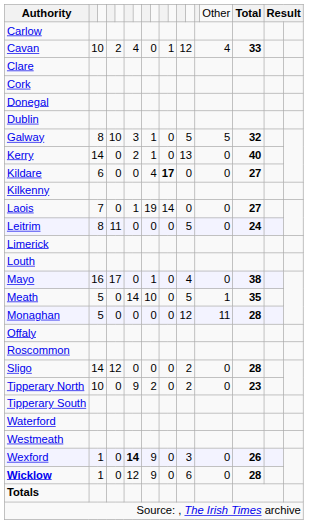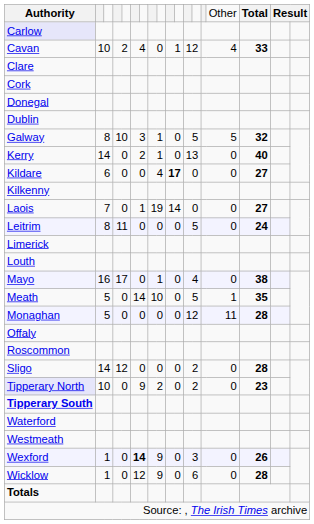 <table class="wikitable" style="text-align:right; padding-left:1em">
 <tr>
 <th align="left">Authority</th>
 <th style="background-color: "></th>
 <td><a href='#'></a></td>
 <th style="background-color: "></th>
 <td><a href='#'></a></td>
 <th style="background-color: "></th>
 <td><a href='#'></a></td>
 <th style="background-color: "></th>
 <td><a href='#'></a></td>
 <th style="background-color: "></th>
 <td><a href='#'></a></td>
 <th style="background-color: "></th>
 <td><a href='#'></a></td>
 <th style="background-color: "></th>
 <td>Other</td>
 <th align="left">Total</th>
 <th colspan=2>Result</th>
 </tr>
 <tr>
-<td align=left><a href='#'>Carlow</a></td>
+<td align=left style="background: lavender;"><a href='#'>Carlow</a></td>
 <td colspan=2></td>
 <td colspan=2></td>
 <td colspan=2></td>
 <td colspan=2></td>
 <td colspan=2></td>
 <td colspan=2></td>
 <td colspan=2></td>
 <td></td>
 <td></td>
 <td></td>
 </tr>
 <tr>
 <td align=left><a href='#'>Cavan</a></td>
 <td colspan=2>10</td>
 <td colspan=2>2</td>
 <td colspan=2>4</td>
 <td colspan=2>0</td>
 <td colspan=2>1</td>
 <td colspan=2>12</td>
 <td colspan=2>4</td>
 <td><strong>33</strong></td>
 <td></td>
 </tr>
 <tr>
 <td align=left><a href='#'>Clare</a></td>
 <td colspan=2></td>
 <td colspan=2></td>
 <td colspan=2></td>
 <td colspan=2></td>
 <td colspan=2></td>
 <td colspan=2></td>
 <td colspan=2></td>
 <td></td>
 <td></td>
 <td></td>
 </tr>
 <tr>
 <td align=left><a href='#'>Cork</a></td>
 <td colspan=2></td>
 <td colspan=2></td>
 <td colspan=2></td>
 <td colspan=2></td>
 <td colspan=2></td>
 <td colspan=2></td>
 <td colspan=2></td>
 <td></td>
 <td></td>
 <td></td>
 </tr>
 <tr>
 <td align=left><a href='#'>Donegal</a></td>
 <td colspan=2></td>
 <td colspan=2></td>
 <td colspan=2></td>
 <td colspan=2></td>
 <td colspan=2></td>
 <td colspan=2></td>
 <td colspan=2></td>
 <td></td>
 <td></td>
 <td></td>
 </tr>
 <tr>
 <td align=left><a href='#'>Dublin</a></td>
 <td colspan=2></td>
 <td colspan=2></td>
 <td colspan=2></td>
 <td colspan=2></td>
 <td colspan=2></td>
 <td colspan=2></td>
 <td colspan=2></td>
 <td></td>
 <td></td>
 <td></td>
 </tr>
 <tr>
 <td align=left><a href='#'>Galway</a></td>
 <td colspan=2>8</td>
 <td colspan=2>10</td>
 <td colspan=2>3</td>
 <td colspan=2>1</td>
 <td colspan=2>0</td>
 <td colspan=2>5</td>
 <td colspan=2>5</td>
 <td><strong>32</strong></td>
 <td></td>
 </tr>
 <tr>
 <td align=left><a href='#'>Kerry</a></td>
 <td colspan=2>14</td>
 <td colspan=2>0</td>
 <td colspan=2>2</td>
 <td colspan=2>1</td>
 <td colspan=2>0</td>
 <td colspan=2>13</td>
 <td colspan=2>0</td>
 <td><strong>40</strong></td>
 <td></td>
 </tr>
 <tr>
 <td align=left><a href='#'>Kildare</a></td>
 <td colspan=2>6</td>
 <td colspan=2>0</td>
 <td colspan=2>0</td>
 <td colspan=2>4</td>
 <td colspan=2><strong>17</strong></td>
 <td colspan=2>0</td>
 <td colspan=2>0</td>
 <td><strong>27</strong></td>
 <td></td>
 </tr>
 <tr>
 <td align=left><a href='#'>Kilkenny</a></td>
 <td colspan=2></td>
 <td colspan=2></td>
 <td colspan=2></td>
 <td colspan=2></td>
 <td colspan=2></td>
 <td colspan=2></td>
 <td colspan=2></td>
 <td></td>
 <td></td>
 <td></td>
 </tr>
 <tr>
 <td align=left><a href='#'>Laois</a></td>
 <td colspan=2>7</td>
 <td colspan=2>0</td>
 <td colspan=2>1</td>
 <td colspan=2>19</td>
 <td colspan=2>14</td>
 <td colspan=2>0</td>
 <td colspan=2>0</td>
 <td><strong>27</strong></td>
 <td></td>
 </tr>
 <tr bgcolor=F3F3FF>
 <td align=left><a href='#'>Leitrim</a></td>
 <td colspan=2>8</td>
 <td colspan=2>11</td>
 <td colspan=2>0</td>
 <td colspan=2>0</td>
 <td colspan=2>0</td>
 <td colspan=2>5</td>
 <td colspan=2>0</td>
 <td><strong>24</strong></td>
 <td></td>
 </tr>
 <tr>
 <td align=left><a href='#'>Limerick</a></td>
 <td colspan=2></td>
 <td colspan=2></td>
 <td colspan=2></td>
 <td colspan=2></td>
 <td colspan=2></td>
 <td colspan=2></td>
 <td colspan=2></td>
 <td></td>
 <td></td>
 <td></td>
 </tr>
 <tr>
 <td align=left><a href='#'>Louth</a></td>
 <td colspan=2></td>
 <td colspan=2></td>
 <td colspan=2></td>
 <td colspan=2></td>
 <td colspan=2></td>
 <td colspan=2></td>
 <td colspan=2></td>
 <td></td>
 <td></td>
 <td></td>
 </tr>
 <tr bgcolor=F3F3FF>
 <td align=left><a href='#'>Mayo</a></td>
 <td colspan=2>16</td>
 <td colspan=2>17</td>
 <td colspan=2>0</td>
 <td colspan=2>1</td>
 <td colspan=2>0</td>
 <td colspan=2>4</td>
 <td colspan=2>0</td>
 <td><strong>38</strong></td>
 <td></td>
 </tr>
 <tr>
 <td align=left><a href='#'>Meath</a></td>
 <td colspan=2>5</td>
 <td colspan=2>0</td>
 <td colspan=2>14</td>
 <td colspan=2>10</td>
 <td colspan=2>0</td>
 <td colspan=2>5</td>
 <td colspan=2>1</td>
 <td><strong>35</strong></td>
 <td></td>
 </tr>
 <tr bgcolor=F3F3FF>
 <td align=left><a href='#'>Monaghan</a></td>
 <td colspan=2>5</td>
 <td colspan=2>0</td>
 <td colspan=2>0</td>
 <td colspan=2>0</td>
 <td colspan=2>0</td>
 <td colspan=2>12</td>
 <td colspan=2>11</td>
 <td><strong>28</strong></td>
 <td></td>
 </tr>
 <tr>
 <td align=left><a href='#'>Offaly</a></td>
 <td colspan=2></td>
 <td colspan=2></td>
 <td colspan=2></td>
 <td colspan=2></td>
 <td colspan=2></td>
 <td colspan=2></td>
 <td colspan=2></td>
 <td></td>
 <td></td>
 <td></td>
 </tr>
 <tr>
 <td align=left><a href='#'>Roscommon</a></td>
 <td colspan=2></td>
 <td colspan=2></td>
 <td colspan=2></td>
 <td colspan=2></td>
 <td colspan=2></td>
 <td colspan=2></td>
 <td colspan=2></td>
 <td></td>
 <td></td>
 <td></td>
 </tr>
 <tr>
 <td align=left><a href='#'>Sligo</a></td>
 <td colspan=2>14</td>
 <td colspan=2>12</td>
 <td colspan=2>0</td>
 <td colspan=2>0</td>
 <td colspan=2>0</td>
 <td colspan=2>2</td>
 <td colspan=2>0</td>
 <td><strong>28</strong></td>
 <td></td>
 </tr>
 <tr>
-<td align=left><a href='#'>Tipperary North</a></td>
+<td align=left style="background: lavender;"><a href='#'>Tipperary North</a></td>
 <td colspan=2>10</td>
 <td colspan=2>0</td>
 <td colspan=2>9</td>
 <td colspan=2>2</td>
 <td colspan=2>0</td>
 <td colspan=2>2</td>
 <td colspan=2>0</td>
 <td><strong>23</strong></td>
 <td></td>
 </tr>
 <tr>
-<td align=left><a href='#'>Tipperary South</a></td>
+<td align=left><strong><a href='#'>Tipperary South</a></strong></td>
 <td colspan=2></td>
 <td colspan=2></td>
 <td colspan=2></td>
 <td colspan=2></td>
 <td colspan=2></td>
 <td colspan=2></td>
 <td colspan=2></td>
 <td></td>
 <td></td>
 <td></td>
 </tr>
 <tr>
 <td align=left><a href='#'>Waterford</a></td>
 <td colspan=2></td>
 <td colspan=2></td>
 <td colspan=2></td>
 <td colspan=2></td>
 <td colspan=2></td>
 <td colspan=2></td>
 <td colspan=2></td>
 <td></td>
 <td></td>
 <td></td>
 </tr>
 <tr>
 <td align=left><a href='#'>Westmeath</a></td>
 <td colspan=2></td>
 <td colspan=2></td>
 <td colspan=2></td>
 <td colspan=2></td>
 <td colspan=2></td>
 <td colspan=2></td>
 <td colspan=2></td>
 <td></td>
 <td></td>
 <td></td>
 </tr>
 <tr bgcolor=F3F3FF>
 <td align=left><a href='#'>Wexford</a></td>
 <td colspan=2>1</td>
 <td colspan=2>0</td>
 <td colspan=2><strong>14</strong></td>
 <td colspan=2>9</td>
 <td colspan=2>0</td>
 <td colspan=2>3</td>
 <td colspan=2>0</td>
 <td><strong>26</strong></td>
 <td></td>
 </tr>
 <tr>
-<td align=left><strong><a href='#'>Wicklow</a></strong></td>
+<td align=left><a href='#'>Wicklow</a></td>
 <td colspan=2>1</td>
 <td colspan=2>0</td>
 <td colspan=2>12</td>
 <td colspan=2>9</td>
 <td colspan=2>0</td>
 <td colspan=2>6</td>
 <td colspan=2>0</td>
 <td><strong>28</strong></td>
 <td></td>
 </tr>
 <tr>
 <td align=left><strong>Totals</strong></td>
 <td colspan=2></td>
 <td colspan=2></td>
 <td colspan=2></td>
 <td colspan=2></td>
 <td colspan=2></td>
 <td colspan=2></td>
 <td colspan=2></td>
 <td colspan=2></td>
 <td colspan=2></td>
 </tr>
 <tr>
 <td colspan=18>Source: , <em><a href='#'>The Irish Times</a></em> archive</td>
 </tr>
 </table>
